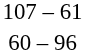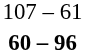 <table style="text-align:center;">
 <tr>
 <th width=200></th>
 <th width=100></th>
 <th width=200></th>
 <th></th>
 </tr>
 <tr>
 <td align=right><strong></strong></td>
 <td>107 – 61</td>
 <td align=left></td>
 </tr>
 <tr>
 <td align=right></td>
-<td>60 – 96</td>
+<td><strong>60 – 96</strong></td>
 <td align=left><strong></strong></td>
 </tr>
 </table>
